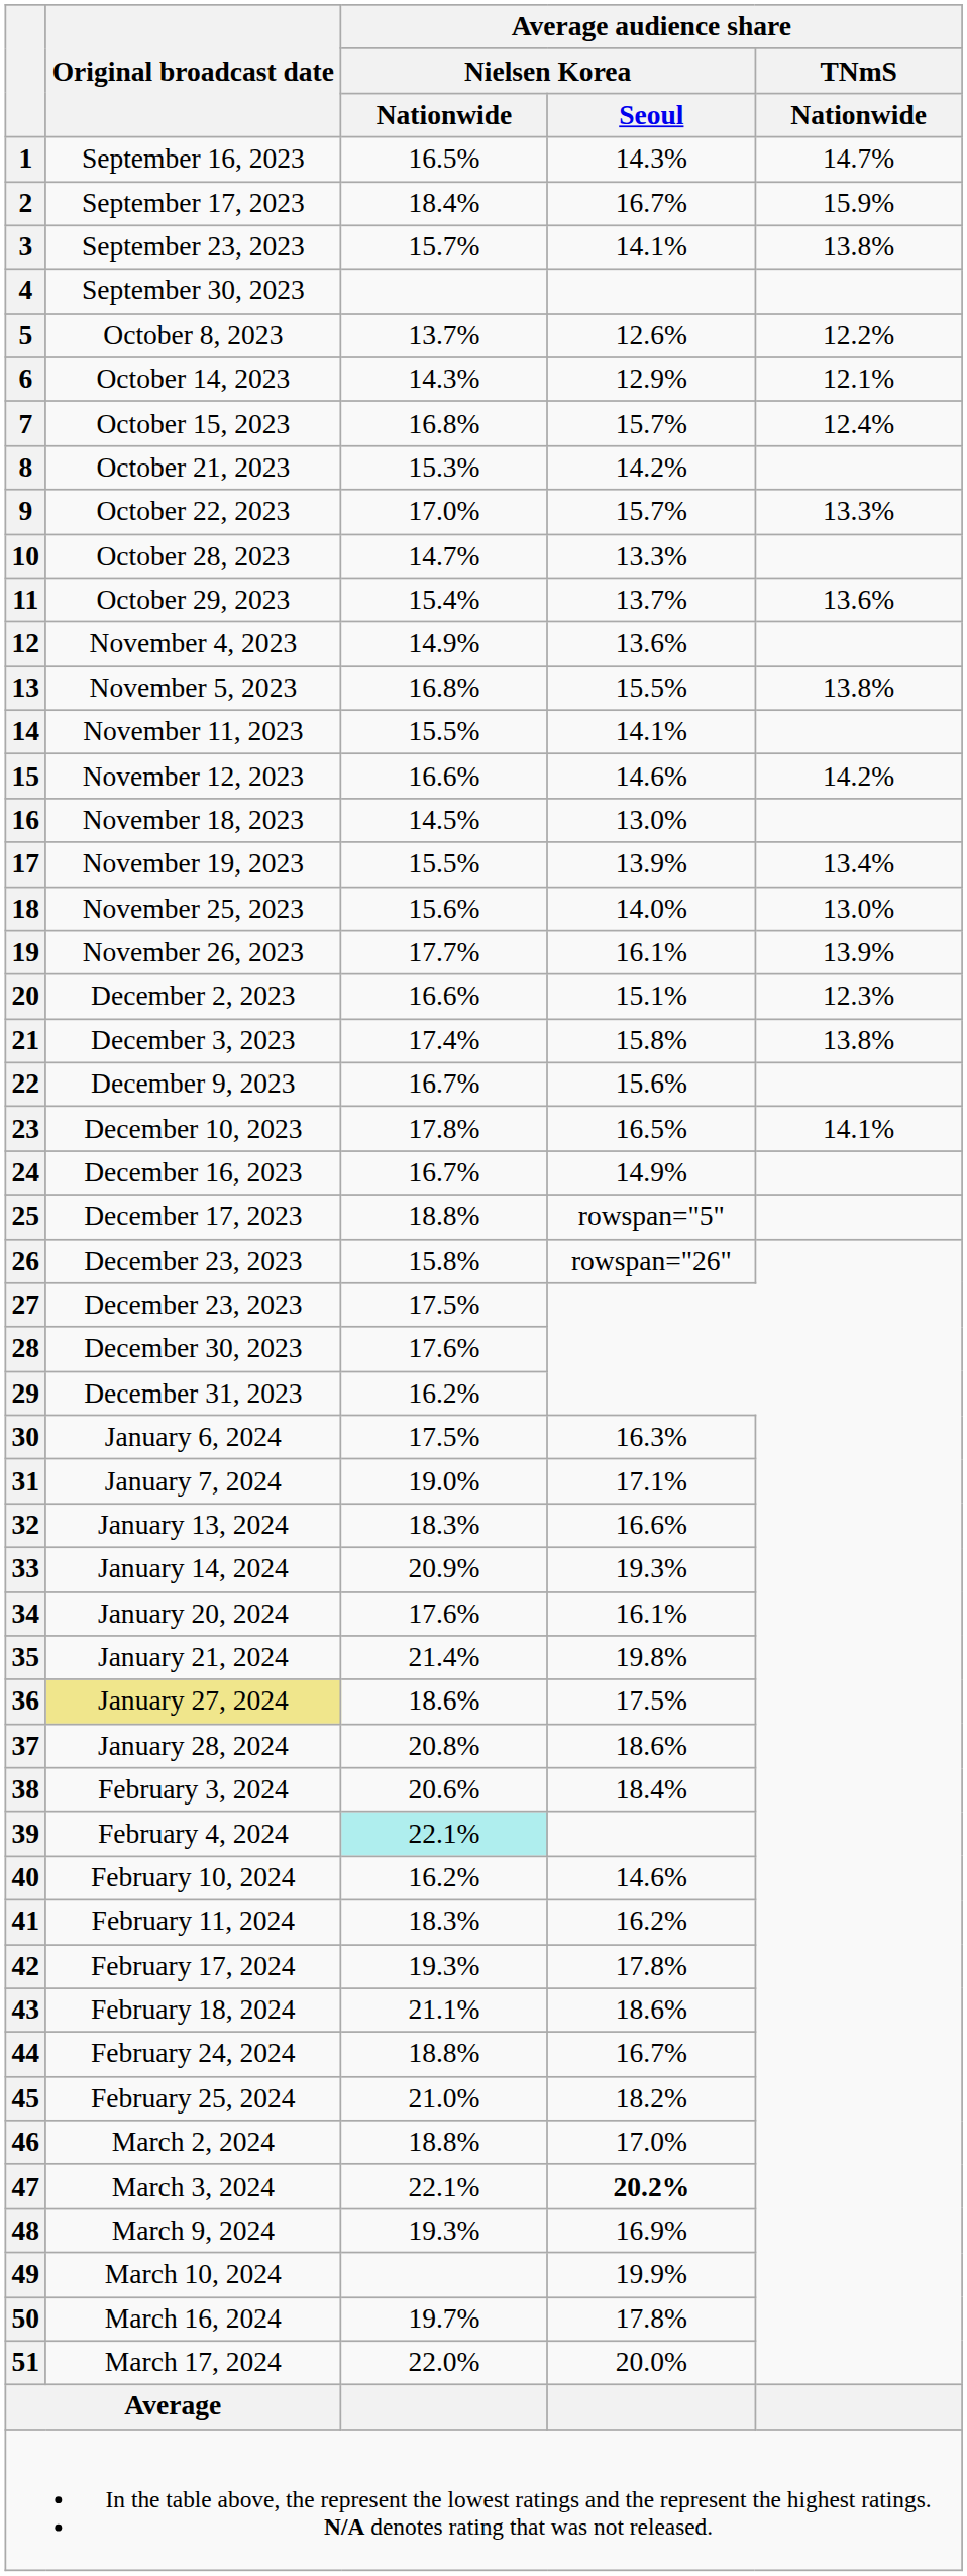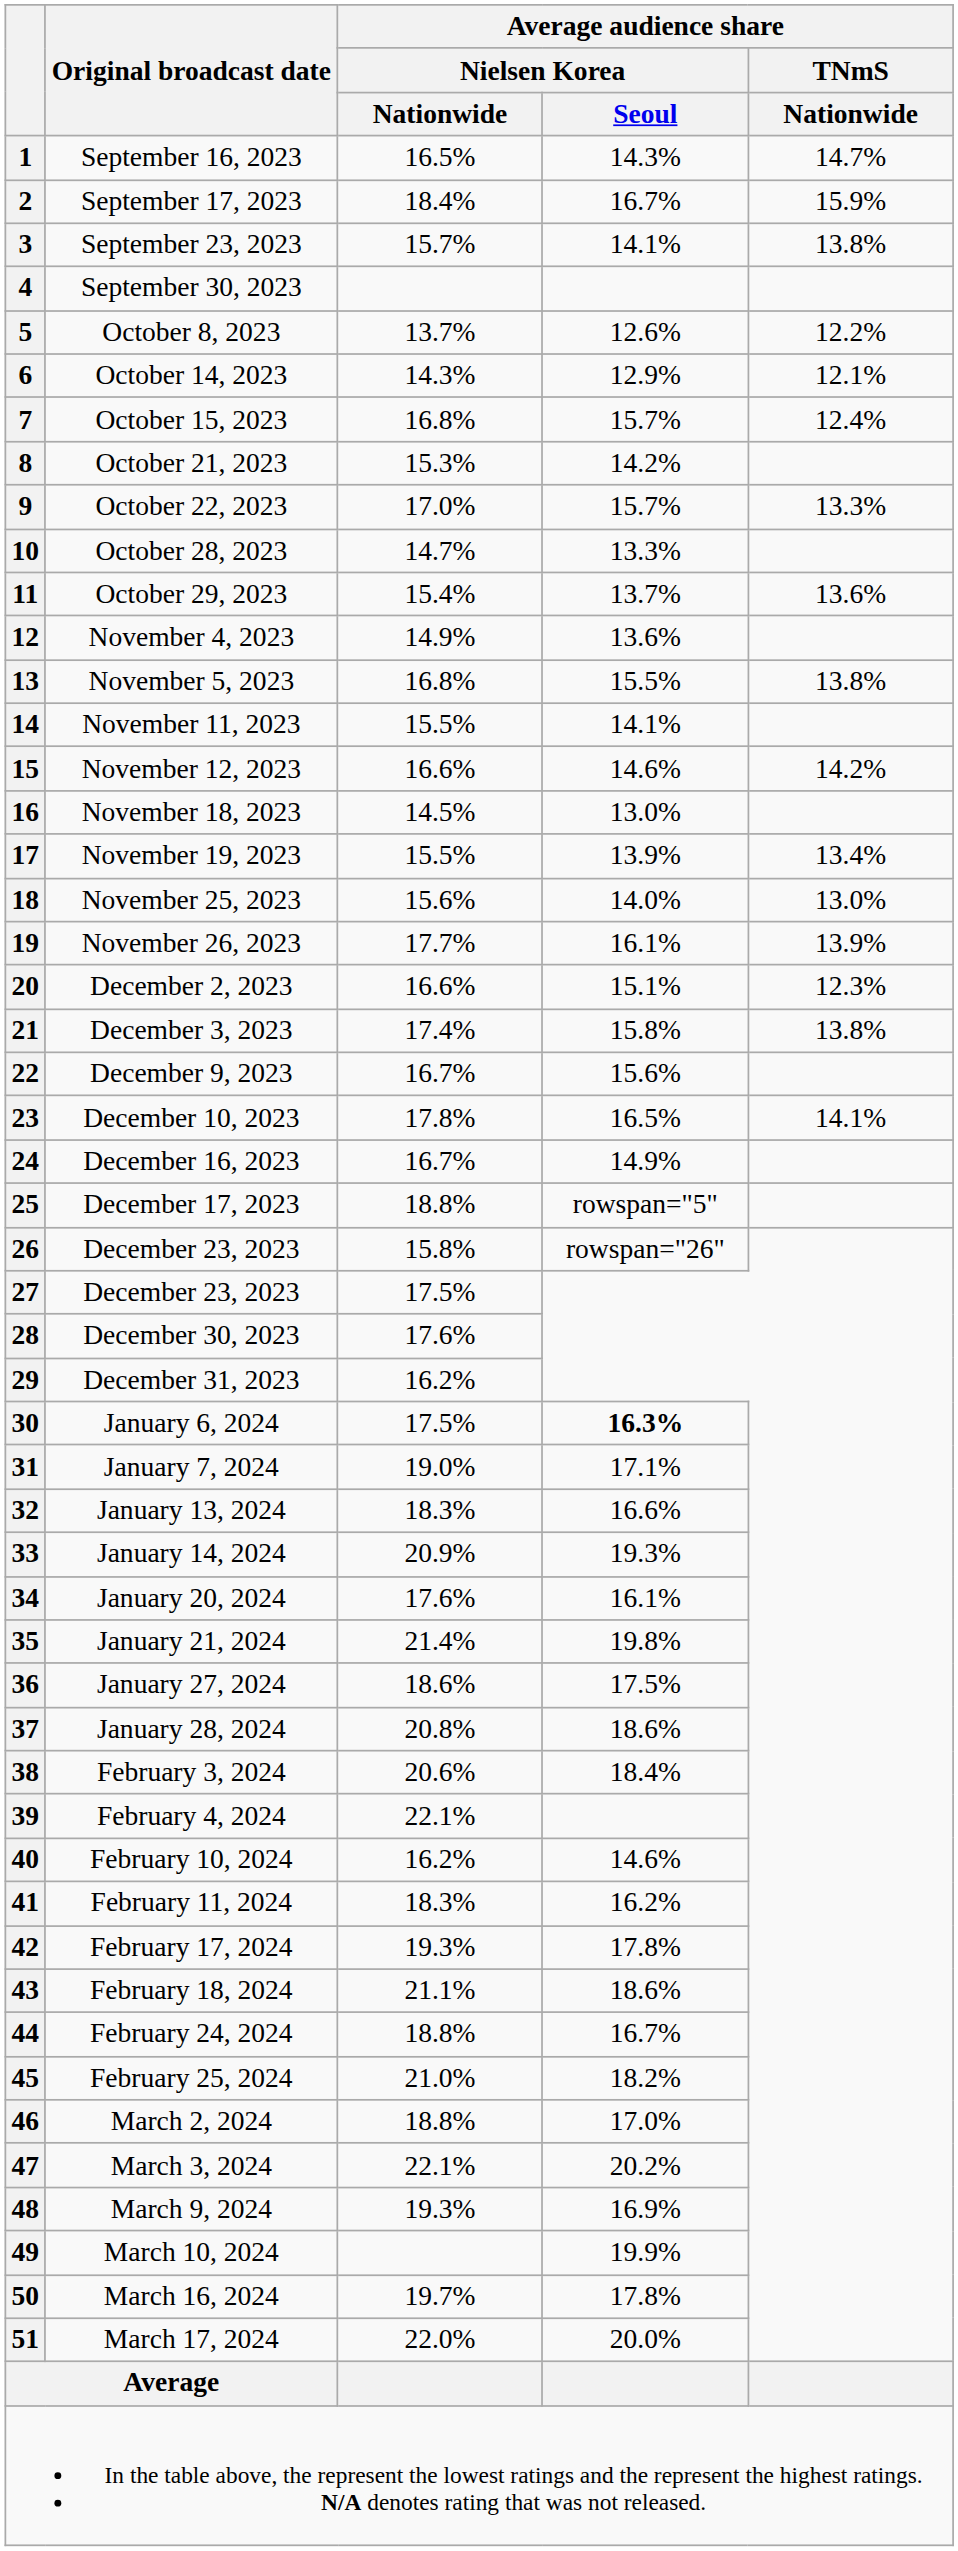 <table class="wikitable" style="text-align:center; max-width:600px; margin-left:auto; margin-right:auto">
 <tr>
 <th scope="col" rowspan="3"></th>
 <th scope="col" rowspan="3">Original broadcast date</th>
 <th scope="col" colspan="3">Average audience share</th>
 </tr>
 <tr>
 <th scope="col" colspan="2">Nielsen Korea</th>
 <th scope="col">TNmS</th>
 </tr>
 <tr>
 <th scope="col" style="width:7em">Nationwide</th>
 <th scope="col" style="width:7em"><a href='#'>Seoul</a></th>
 <th scope="col" style="width:7em">Nationwide</th>
 </tr>
 <tr>
 <th scope="row">1</th>
 <td>September 16, 2023</td>
 <td>16.5% </td>
 <td>14.3% </td>
 <td>14.7% </td>
 </tr>
 <tr>
 <th scope="row">2</th>
 <td>September 17, 2023</td>
 <td>18.4% </td>
 <td>16.7% </td>
 <td>15.9% </td>
 </tr>
 <tr>
 <th scope="row">3</th>
 <td>September 23, 2023</td>
 <td>15.7% </td>
 <td>14.1% </td>
 <td>13.8% </td>
 </tr>
 <tr>
 <th scope="row">4</th>
 <td>September 30, 2023</td>
 <td><strong></strong> </td>
 <td><strong></strong> </td>
 <td><strong></strong> </td>
 </tr>
 <tr>
 <th scope="row">5</th>
 <td>October 8, 2023</td>
 <td>13.7% </td>
 <td>12.6% </td>
 <td>12.2% </td>
 </tr>
 <tr>
 <th scope="row">6</th>
 <td>October 14, 2023</td>
 <td>14.3% </td>
 <td>12.9% </td>
 <td>12.1% </td>
 </tr>
 <tr>
 <th scope="row">7</th>
 <td>October 15, 2023</td>
 <td>16.8% </td>
 <td>15.7% </td>
 <td>12.4% </td>
 </tr>
 <tr>
 <th scope="row">8</th>
 <td>October 21, 2023</td>
 <td>15.3% </td>
 <td>14.2% </td>
 <td></td>
 </tr>
 <tr>
 <th scope="row">9</th>
 <td>October 22, 2023</td>
 <td>17.0% </td>
 <td>15.7% </td>
 <td>13.3% </td>
 </tr>
 <tr>
 <th scope="row">10</th>
 <td>October 28, 2023</td>
 <td>14.7% </td>
 <td>13.3% </td>
 <td></td>
 </tr>
 <tr>
 <th scope="row">11</th>
 <td>October 29, 2023</td>
 <td>15.4% </td>
 <td>13.7% </td>
 <td>13.6% </td>
 </tr>
 <tr>
 <th scope="row">12</th>
 <td>November 4, 2023</td>
 <td>14.9% </td>
 <td>13.6% </td>
 <td></td>
 </tr>
 <tr>
 <th scope="row">13</th>
 <td>November 5, 2023</td>
 <td>16.8% </td>
 <td>15.5% </td>
 <td>13.8% </td>
 </tr>
 <tr>
 <th scope="row">14</th>
 <td>November 11, 2023</td>
 <td>15.5% </td>
 <td>14.1% </td>
 <td></td>
 </tr>
 <tr>
 <th scope="row">15</th>
 <td>November 12, 2023</td>
 <td>16.6% </td>
 <td>14.6% </td>
 <td>14.2% </td>
 </tr>
 <tr>
 <th scope="row">16</th>
 <td>November 18, 2023</td>
 <td>14.5% </td>
 <td>13.0% </td>
 <td></td>
 </tr>
 <tr>
 <th scope="row">17</th>
 <td>November 19, 2023</td>
 <td>15.5% </td>
 <td>13.9% </td>
 <td>13.4% </td>
 </tr>
 <tr>
 <th scope="row">18</th>
 <td>November 25, 2023</td>
 <td>15.6% </td>
 <td>14.0% </td>
 <td>13.0% </td>
 </tr>
 <tr>
 <th scope="row">19</th>
 <td>November 26, 2023</td>
 <td>17.7% </td>
 <td>16.1% </td>
 <td>13.9% </td>
 </tr>
 <tr>
 <th scope="row">20</th>
 <td>December 2, 2023</td>
 <td>16.6% </td>
 <td>15.1% </td>
 <td>12.3% </td>
 </tr>
 <tr>
 <th scope="row">21</th>
 <td>December 3, 2023</td>
 <td>17.4% </td>
 <td>15.8% </td>
 <td>13.8% </td>
 </tr>
 <tr>
 <th scope="row">22</th>
 <td>December 9, 2023</td>
 <td>16.7% </td>
 <td>15.6% </td>
 <td></td>
 </tr>
 <tr>
 <th scope="row">23</th>
 <td>December 10, 2023</td>
 <td>17.8% </td>
 <td>16.5% </td>
 <td>14.1% </td>
 </tr>
 <tr>
 <th scope="row">24</th>
 <td>December 16, 2023</td>
 <td>16.7% </td>
 <td>14.9% </td>
 <td></td>
 </tr>
 <tr>
 <th scope="row">25</th>
 <td>December 17, 2023</td>
 <td>18.8% </td>
 <td>rowspan="5" </td>
 <td><strong></strong> </td>
 </tr>
 <tr>
 <th scope="row">26</th>
 <td>December 23, 2023</td>
 <td>15.8% </td>
 <td>rowspan="26" </td>
 </tr>
 <tr>
 <th scope="row">27</th>
 <td>December 23, 2023</td>
 <td>17.5% </td>
 </tr>
 <tr>
 <th scope="row">28</th>
 <td>December 30, 2023</td>
 <td>17.6% </td>
 </tr>
 <tr>
 <th scope="row">29</th>
 <td>December 31, 2023</td>
 <td>16.2% </td>
 </tr>
 <tr>
 <th scope="row">30</th>
 <td>January 6, 2024</td>
 <td>17.5% </td>
-<td>16.3% </td>
+<td><strong>16.3% </strong></td>
 </tr>
 <tr>
 <th scope="row">31</th>
 <td>January 7, 2024</td>
 <td>19.0% </td>
 <td>17.1% </td>
 </tr>
 <tr>
 <th scope="row">32</th>
 <td>January 13, 2024</td>
 <td>18.3% </td>
 <td>16.6% </td>
 </tr>
 <tr>
 <th scope="row">33</th>
 <td>January 14, 2024</td>
 <td>20.9% </td>
 <td>19.3% </td>
 </tr>
 <tr>
 <th scope="row">34</th>
 <td>January 20, 2024</td>
 <td>17.6% </td>
 <td>16.1% </td>
 </tr>
 <tr>
 <th scope="row">35</th>
 <td>January 21, 2024</td>
 <td>21.4% </td>
 <td>19.8% </td>
 </tr>
 <tr>
 <th scope="row">36</th>
-<td style="background: khaki;">January 27, 2024</td>
+<td>January 27, 2024</td>
 <td>18.6% </td>
 <td>17.5% </td>
 </tr>
 <tr>
 <th scope="row">37</th>
 <td>January 28, 2024</td>
 <td>20.8% </td>
 <td>18.6% </td>
 </tr>
 <tr>
 <th scope="row">38</th>
 <td>February 3, 2024</td>
 <td>20.6% </td>
 <td>18.4% </td>
 </tr>
 <tr>
 <th scope="row">39</th>
 <td>February 4, 2024</td>
-<td style="background: paleturquoise;">22.1% </td>
+<td>22.1% </td>
 <td><strong></strong> </td>
 </tr>
 <tr>
 <th scope="row">40</th>
 <td>February 10, 2024</td>
 <td>16.2% </td>
 <td>14.6% </td>
 </tr>
 <tr>
 <th scope="row">41</th>
 <td>February 11, 2024</td>
 <td>18.3% </td>
 <td>16.2% </td>
 </tr>
 <tr>
 <th scope="row">42</th>
 <td>February 17, 2024</td>
 <td>19.3% </td>
 <td>17.8% </td>
 </tr>
 <tr>
 <th scope="row">43</th>
 <td>February 18, 2024</td>
 <td>21.1% </td>
 <td>18.6% </td>
 </tr>
 <tr>
 <th scope="row">44</th>
 <td>February 24, 2024</td>
 <td>18.8% </td>
 <td>16.7% </td>
 </tr>
 <tr>
 <th scope="row">45</th>
 <td>February 25, 2024</td>
 <td>21.0% </td>
 <td>18.2% </td>
 </tr>
 <tr>
 <th scope="row">46</th>
 <td>March 2, 2024</td>
 <td>18.8% </td>
 <td>17.0% </td>
 </tr>
 <tr>
 <th scope="row">47</th>
 <td>March 3, 2024</td>
 <td>22.1% </td>
-<td><strong>20.2% </strong></td>
+<td>20.2% </td>
 </tr>
 <tr>
 <th scope="row">48</th>
 <td>March 9, 2024</td>
 <td>19.3% </td>
 <td>16.9% </td>
 </tr>
 <tr>
 <th scope="row">49</th>
 <td>March 10, 2024</td>
 <td><strong></strong> </td>
 <td>19.9% </td>
 </tr>
 <tr>
 <th scope="row">50</th>
 <td>March 16, 2024</td>
 <td>19.7% </td>
 <td>17.8% </td>
 </tr>
 <tr>
 <th scope="row">51</th>
 <td>March 17, 2024</td>
 <td>22.0% </td>
 <td>20.0% </td>
 </tr>
 <tr>
 <th colspan="2">Average</th>
 <th></th>
 <th></th>
 <th></th>
 </tr>
 <tr>
 <td colspan="6" style="font-size:85%"><br><ul><li>In the table above, the <strong></strong> represent the lowest ratings and the <strong></strong> represent the highest ratings.</li><li><strong>N/A</strong> denotes rating that was not released.</li></ul></td>
 </tr>
 </table>
